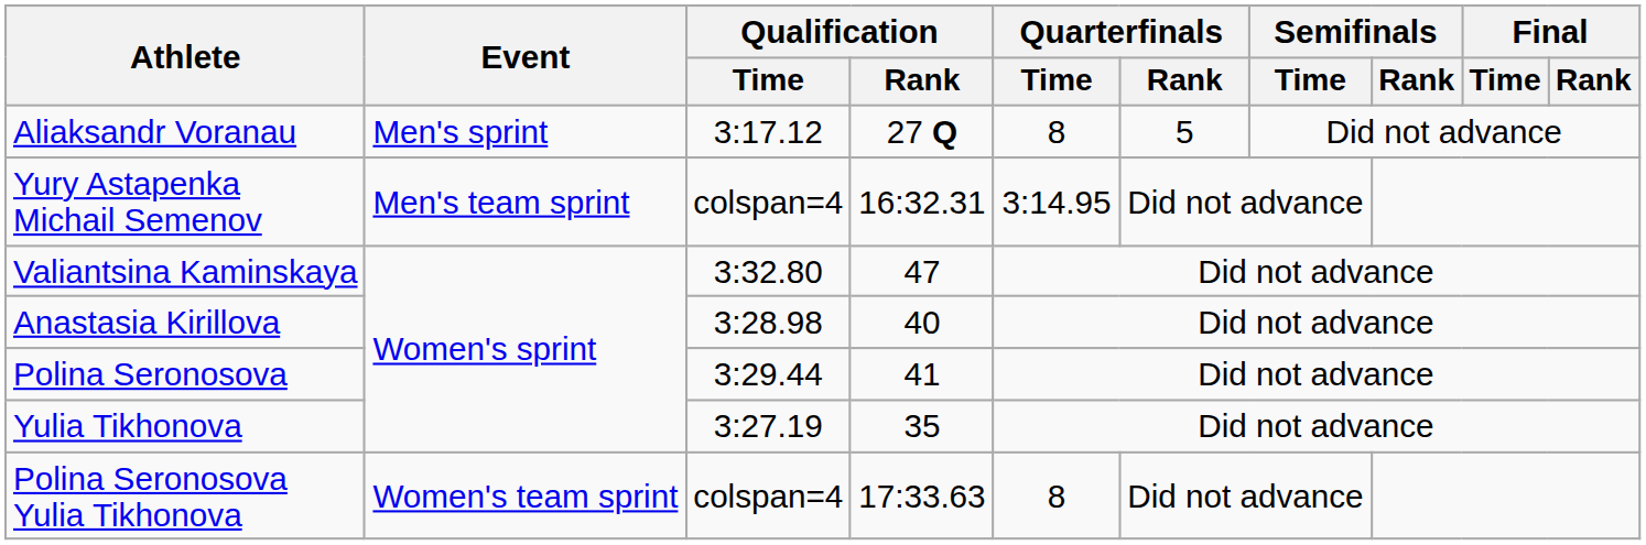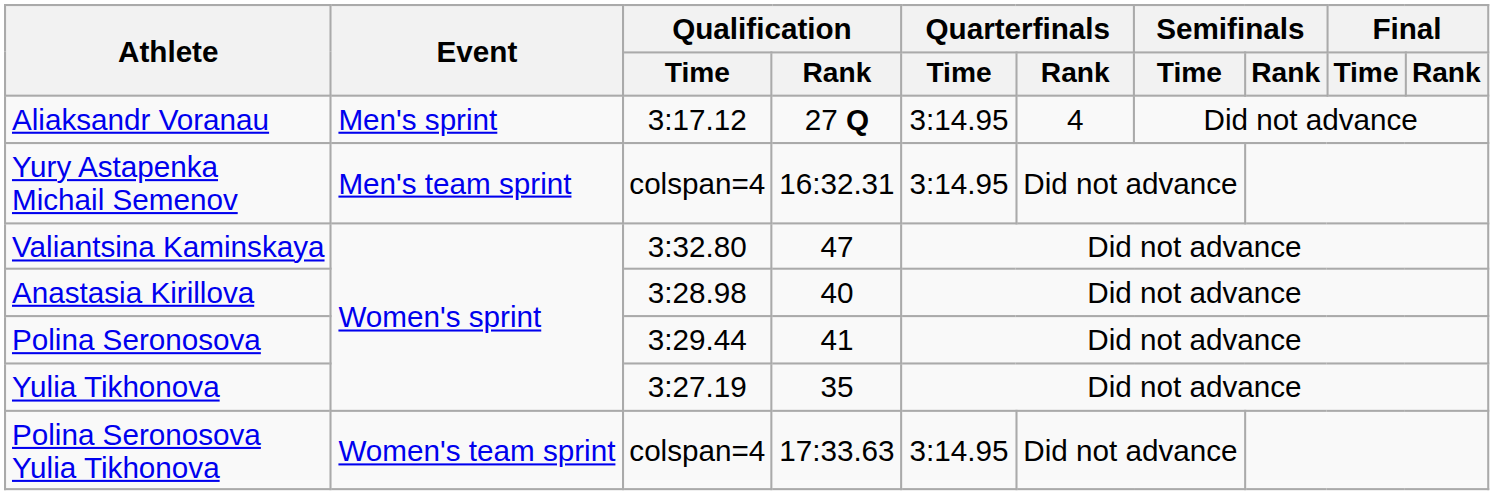 <table class="wikitable" style="font-size:90%">
 <tr>
 <th rowspan=2>Athlete</th>
 <th rowspan=2>Event</th>
 <th colspan=2>Qualification</th>
 <th colspan=2>Quarterfinals</th>
 <th colspan=2>Semifinals</th>
 <th colspan=2>Final</th>
 </tr>
 <tr style="font-size:95%">
 <th>Time</th>
 <th>Rank</th>
 <th>Time</th>
 <th>Rank</th>
 <th>Time</th>
 <th>Rank</th>
 <th>Time</th>
 <th>Rank</th>
 </tr>
 <tr align=center>
 <td align=left><a href='#'>Aliaksandr Voranau</a></td>
 <td align=left><a href='#'>Men's sprint</a></td>
 <td>3:17.12</td>
 <td>27 <strong>Q</strong></td>
-<td>8</td>
-<td>5</td>
+<td>3:14.95</td>
+<td>4</td>
 <td colspan=4>Did not advance</td>
 </tr>
 <tr align=center>
 <td align=left><a href='#'>Yury Astapenka</a><br><a href='#'>Michail Semenov</a></td>
 <td align=left><a href='#'>Men's team sprint</a></td>
 <td>colspan=4 </td>
 <td>16:32.31</td>
 <td>3:14.95</td>
 <td colspan=2>Did not advance</td>
 </tr>
 <tr align=center>
 <td align=left><a href='#'>Valiantsina Kaminskaya</a></td>
 <td align=left rowspan=4><a href='#'>Women's sprint</a></td>
 <td>3:32.80</td>
 <td>47</td>
 <td colspan=6>Did not advance</td>
 </tr>
 <tr align=center>
 <td align=left><a href='#'>Anastasia Kirillova</a></td>
 <td>3:28.98</td>
 <td>40</td>
 <td colspan=6>Did not advance</td>
 </tr>
 <tr align=center>
 <td align=left><a href='#'>Polina Seronosova</a></td>
 <td>3:29.44</td>
 <td>41</td>
 <td colspan=6>Did not advance</td>
 </tr>
 <tr align=center>
 <td align=left><a href='#'>Yulia Tikhonova</a></td>
 <td>3:27.19</td>
 <td>35</td>
 <td colspan=6>Did not advance</td>
 </tr>
 <tr align=center>
 <td align=left><a href='#'>Polina Seronosova</a><br><a href='#'>Yulia Tikhonova</a></td>
 <td align=left><a href='#'>Women's team sprint</a></td>
 <td>colspan=4 </td>
 <td>17:33.63</td>
-<td>8</td>
+<td>3:14.95</td>
 <td colspan=2>Did not advance</td>
 </tr>
 </table>
